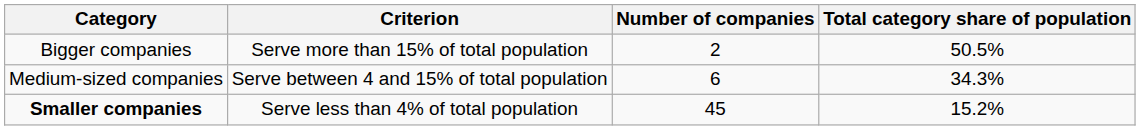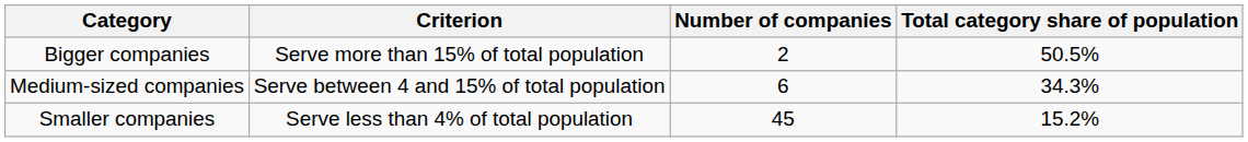 <table class="wikitable" style="text-align:center;">
 <tr>
 <th>Category</th>
 <th>Criterion</th>
 <th>Number of companies</th>
 <th>Total category share of population</th>
 </tr>
 <tr>
 <td>Bigger companies</td>
 <td>Serve more than 15% of total population</td>
 <td>2</td>
 <td>50.5%</td>
 </tr>
 <tr>
 <td>Medium-sized companies</td>
 <td>Serve between 4 and 15% of total population</td>
 <td>6</td>
 <td>34.3%</td>
 </tr>
 <tr>
-<td><strong>Smaller companies</strong></td>
+<td>Smaller companies</td>
 <td>Serve less than 4% of total population</td>
 <td>45</td>
 <td>15.2%</td>
 </tr>
 </table>
